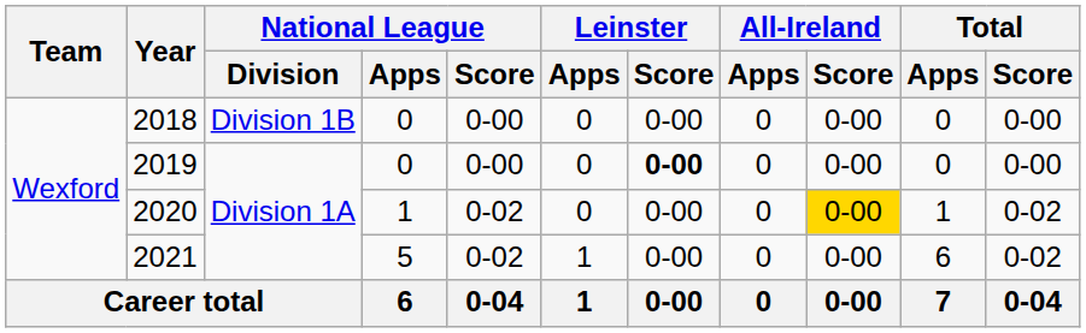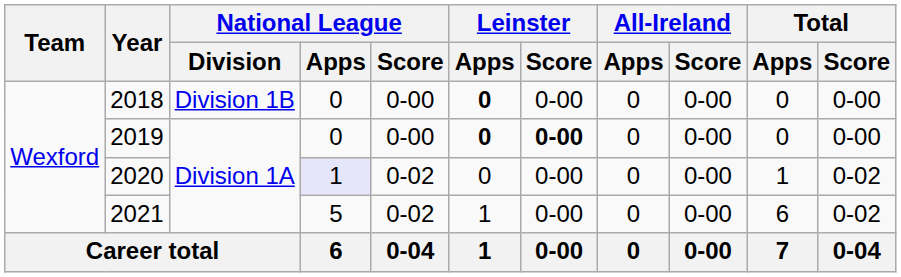 <table class="wikitable" style="text-align:center">
 <tr>
 <th rowspan="2">Team</th>
 <th rowspan="2">Year</th>
 <th colspan="3"><a href='#'>National League</a></th>
 <th colspan="2"><a href='#'>Leinster</a></th>
 <th colspan="2"><a href='#'>All-Ireland</a></th>
 <th colspan="2">Total</th>
 </tr>
 <tr>
 <th>Division</th>
 <th>Apps</th>
 <th>Score</th>
 <th>Apps</th>
 <th>Score</th>
 <th>Apps</th>
 <th>Score</th>
 <th>Apps</th>
 <th>Score</th>
 </tr>
 <tr>
 <td rowspan="4"><a href='#'>Wexford</a></td>
 <td>2018</td>
 <td rowspan="1"><a href='#'>Division 1B</a></td>
 <td>0</td>
 <td>0-00</td>
-<td>0</td>
+<td><strong>0</strong></td>
 <td>0-00</td>
 <td>0</td>
 <td>0-00</td>
 <td>0</td>
 <td>0-00</td>
 </tr>
 <tr>
 <td>2019</td>
 <td rowspan="3"><a href='#'>Division 1A</a></td>
 <td>0</td>
 <td>0-00</td>
-<td>0</td>
+<td><strong>0</strong></td>
 <td><strong>0-00</strong></td>
 <td>0</td>
 <td>0-00</td>
 <td>0</td>
 <td>0-00</td>
 </tr>
 <tr>
 <td>2020</td>
-<td>1</td>
+<td style="background: lavender;">1</td>
 <td>0-02</td>
 <td>0</td>
 <td>0-00</td>
 <td>0</td>
-<td style="background: gold;">0-00</td>
+<td>0-00</td>
 <td>1</td>
 <td>0-02</td>
 </tr>
 <tr>
 <td>2021</td>
 <td>5</td>
 <td>0-02</td>
 <td>1</td>
 <td>0-00</td>
 <td>0</td>
 <td>0-00</td>
 <td>6</td>
 <td>0-02</td>
 </tr>
 <tr>
 <th colspan="3">Career total</th>
 <th>6</th>
 <th>0-04</th>
 <th>1</th>
 <th>0-00</th>
 <th>0</th>
 <th>0-00</th>
 <th>7</th>
 <th>0-04</th>
 </tr>
 </table>
